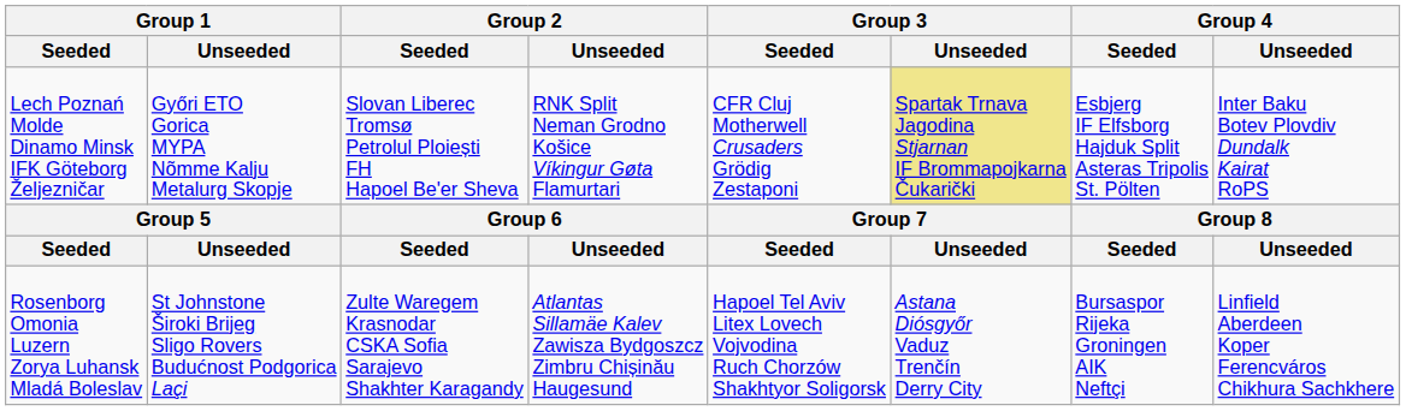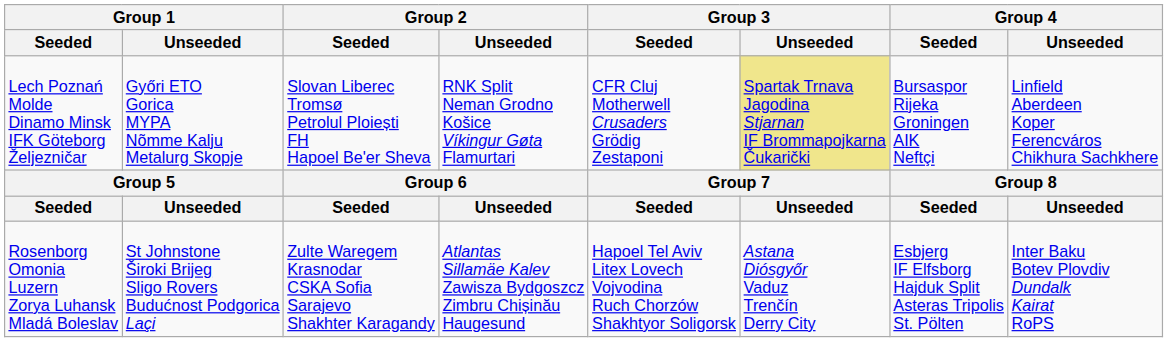 <table class="wikitable" style="font-size:85%">
 <tr>
 <th colspan=2>Group 1</th>
 <th colspan=2>Group 2</th>
 <th colspan=2>Group 3</th>
 <th colspan=2>Group 4</th>
 </tr>
 <tr>
 <th>Seeded</th>
 <th>Unseeded</th>
 <th>Seeded</th>
 <th>Unseeded</th>
 <th>Seeded</th>
 <th>Unseeded</th>
 <th>Seeded</th>
 <th>Unseeded</th>
 </tr>
 <tr>
 <td valign=top><br> <a href='#'>Lech Poznań</a> <br>  <a href='#'>Molde</a> <br>  <a href='#'>Dinamo Minsk</a> <br>  <a href='#'>IFK Göteborg</a> <br>  <a href='#'>Željezničar</a> </td>
 <td valign=top><br> <a href='#'>Győri ETO</a> <br>  <a href='#'>Gorica</a> <br>  <a href='#'>MYPA</a> <br>  <a href='#'>Nõmme Kalju</a> <br>  <a href='#'>Metalurg Skopje</a> </td>
 <td valign=top><br> <a href='#'>Slovan Liberec</a> <br>  <a href='#'>Tromsø</a> <br>  <a href='#'>Petrolul Ploiești</a> <br>  <a href='#'>FH</a> <br>  <a href='#'>Hapoel Be'er Sheva</a> </td>
 <td valign=top><br> <a href='#'>RNK Split</a> <br>  <a href='#'>Neman Grodno</a> <br>  <a href='#'>Košice</a> <br>  <em><a href='#'>Víkingur Gøta</a></em> <br>  <a href='#'>Flamurtari</a> </td>
 <td valign=top><br> <a href='#'>CFR Cluj</a> <br>  <a href='#'>Motherwell</a> <br>  <em><a href='#'>Crusaders</a></em> <br>  <a href='#'>Grödig</a> <br>  <a href='#'>Zestaponi</a> </td>
 <td valign=top style="background: khaki;"><br> <a href='#'>Spartak Trnava</a> <br>  <a href='#'>Jagodina</a> <br>  <em><a href='#'>Stjarnan</a></em> <br>  <a href='#'>IF Brommapojkarna</a> <br>  <a href='#'>Čukarički</a> </td>
-<td valign=top><br> <a href='#'>Esbjerg</a> <br>  <a href='#'>IF Elfsborg</a> <br>  <a href='#'>Hajduk Split</a> <br>  <a href='#'>Asteras Tripolis</a> <br>  <a href='#'>St. Pölten</a> </td>
-<td valign=top><br> <a href='#'>Inter Baku</a> <br>  <a href='#'>Botev Plovdiv</a> <br>  <em><a href='#'>Dundalk</a></em> <br>  <em><a href='#'>Kairat</a></em> <br>  <a href='#'>RoPS</a> </td>
+<td valign=top><br> <a href='#'>Bursaspor</a> <br>  <a href='#'>Rijeka</a> <br>  <a href='#'>Groningen</a> <br>  <a href='#'>AIK</a> <br>  <a href='#'>Neftçi</a> </td>
+<td valign=top><br> <a href='#'>Linfield</a> <br>  <a href='#'>Aberdeen</a> <br>  <a href='#'>Koper</a> <br>  <a href='#'>Ferencváros</a> <br>  <a href='#'>Chikhura Sachkhere</a> </td>
 </tr>
 <tr>
 <th colspan=2>Group 5</th>
 <th colspan=2>Group 6</th>
 <th colspan=2>Group 7</th>
 <th colspan=2>Group 8</th>
 </tr>
 <tr>
 <th>Seeded</th>
 <th>Unseeded</th>
 <th>Seeded</th>
 <th>Unseeded</th>
 <th>Seeded</th>
 <th>Unseeded</th>
 <th>Seeded</th>
 <th>Unseeded</th>
 </tr>
 <tr>
 <td valign=top><br> <a href='#'>Rosenborg</a> <br>  <a href='#'>Omonia</a> <br>  <a href='#'>Luzern</a> <br>  <a href='#'>Zorya Luhansk</a> <br>  <a href='#'>Mladá Boleslav</a> </td>
 <td valign=top><br> <a href='#'>St Johnstone</a> <br>  <a href='#'>Široki Brijeg</a> <br>  <a href='#'>Sligo Rovers</a> <br>  <a href='#'>Budućnost Podgorica</a> <br>  <em><a href='#'>Laçi</a></em> </td>
 <td valign=top><br> <a href='#'>Zulte Waregem</a> <br>  <a href='#'>Krasnodar</a> <br>  <a href='#'>CSKA Sofia</a> <br>  <a href='#'>Sarajevo</a> <br>  <a href='#'>Shakhter Karagandy</a> </td>
 <td valign=top><br> <em><a href='#'>Atlantas</a></em> <br>  <em><a href='#'>Sillamäe Kalev</a></em> <br>  <a href='#'>Zawisza Bydgoszcz</a> <br>  <a href='#'>Zimbru Chișinău</a> <br>  <a href='#'>Haugesund</a> </td>
 <td valign=top><br> <a href='#'>Hapoel Tel Aviv</a> <br>  <a href='#'>Litex Lovech</a> <br>  <a href='#'>Vojvodina</a> <br>  <a href='#'>Ruch Chorzów</a> <br>  <a href='#'>Shakhtyor Soligorsk</a> </td>
 <td valign=top><br> <em><a href='#'>Astana</a></em> <br>  <em><a href='#'>Diósgyőr</a></em> <br>  <a href='#'>Vaduz</a> <br>  <a href='#'>Trenčín</a> <br>  <a href='#'>Derry City</a> </td>
-<td valign=top><br> <a href='#'>Bursaspor</a> <br>  <a href='#'>Rijeka</a> <br>  <a href='#'>Groningen</a> <br>  <a href='#'>AIK</a> <br>  <a href='#'>Neftçi</a> </td>
-<td valign=top><br> <a href='#'>Linfield</a> <br>  <a href='#'>Aberdeen</a> <br>  <a href='#'>Koper</a> <br>  <a href='#'>Ferencváros</a> <br>  <a href='#'>Chikhura Sachkhere</a> </td>
+<td valign=top><br> <a href='#'>Esbjerg</a> <br>  <a href='#'>IF Elfsborg</a> <br>  <a href='#'>Hajduk Split</a> <br>  <a href='#'>Asteras Tripolis</a> <br>  <a href='#'>St. Pölten</a> </td>
+<td valign=top><br> <a href='#'>Inter Baku</a> <br>  <a href='#'>Botev Plovdiv</a> <br>  <em><a href='#'>Dundalk</a></em> <br>  <em><a href='#'>Kairat</a></em> <br>  <a href='#'>RoPS</a> </td>
 </tr>
 </table>
